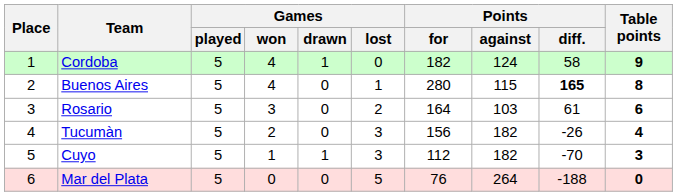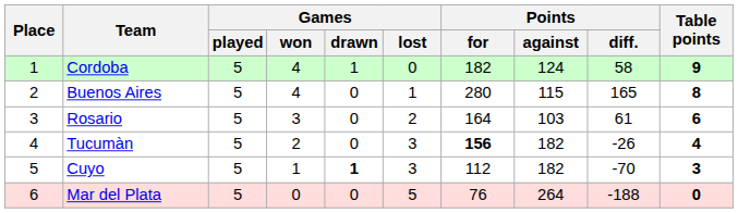 <table class="wikitable">
 <tr>
 <th rowspan=2 width="8%">Place</th>
 <th rowspan=2 width="20%">Team</th>
 <th colspan=4 width="32%">Games</th>
 <th colspan=3 width="30%">Points</th>
 <th rowspan=2 width="10%">Table<br>points</th>
 </tr>
 <tr>
 <th width="8%">played</th>
 <th width="8%">won</th>
 <th width="8%">drawn</th>
 <th width="8%">lost</th>
 <th width="10%">for</th>
 <th width="10%">against</th>
 <th width="10%">diff.</th>
 </tr>
 <tr align=center style="background: #ccffcc;">
 <td>1</td>
 <td align=left><a href='#'>Cordoba</a></td>
 <td>5</td>
 <td>4</td>
 <td>1</td>
 <td>0</td>
 <td>182</td>
 <td>124</td>
 <td>58</td>
 <td><strong>9</strong></td>
 </tr>
 <tr align=center style="background: #ffffff;">
 <td>2</td>
 <td align=left><a href='#'>Buenos Aires</a></td>
 <td>5</td>
 <td>4</td>
 <td>0</td>
 <td>1</td>
 <td>280</td>
 <td>115</td>
-<td><strong>165</strong></td>
+<td>165</td>
 <td><strong>8</strong></td>
 </tr>
 <tr align=center style="background: #ffffff;">
 <td>3</td>
 <td align=left><a href='#'>Rosario</a></td>
 <td>5</td>
 <td>3</td>
 <td>0</td>
 <td>2</td>
 <td>164</td>
 <td>103</td>
 <td>61</td>
 <td><strong>6</strong></td>
 </tr>
 <tr align=center style="background: #ffffff;">
 <td>4</td>
 <td align=left><a href='#'>Tucumàn</a></td>
 <td>5</td>
 <td>2</td>
 <td>0</td>
 <td>3</td>
-<td>156</td>
+<td><strong>156</strong></td>
 <td>182</td>
 <td>-26</td>
 <td><strong>4</strong></td>
 </tr>
 <tr align=center style="background: #ffffff;">
 <td>5</td>
 <td align=left><a href='#'>Cuyo</a></td>
 <td>5</td>
 <td>1</td>
-<td>1</td>
+<td><strong>1</strong></td>
 <td>3</td>
 <td>112</td>
 <td>182</td>
 <td>-70</td>
 <td><strong>3</strong></td>
 </tr>
 <tr align=center style="background: #ffdddd;">
 <td>6</td>
 <td align=left><a href='#'>Mar del Plata</a></td>
 <td>5</td>
 <td>0</td>
 <td>0</td>
 <td>5</td>
 <td>76</td>
 <td>264</td>
 <td>-188</td>
 <td><strong>0</strong></td>
 </tr>
 </table>
